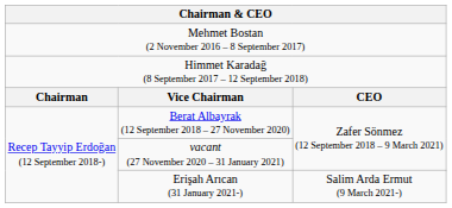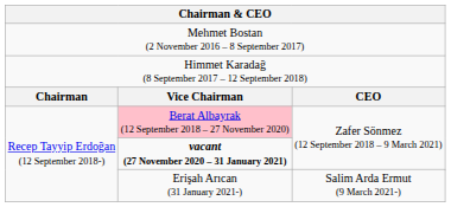 <table class="wikitable" style="text-align:center;">
 <tr>
 <th colspan="3">Chairman & CEO</th>
 </tr>
 <tr>
 <td colspan="3">Mehmet Bostan<br><small>(2 November 2016 – 8 September 2017)</small></td>
 </tr>
 <tr>
 <td colspan="3">Himmet Karadağ<br><small>(8 September 2017 – 12 September 2018)</small></td>
 </tr>
 <tr>
 <th>Chairman</th>
 <th>Vice Chairman</th>
 <th>CEO</th>
 </tr>
 <tr>
 <td rowspan="4"><a href='#'>Recep Tayyip Erdoğan</a><br><small>(12 September 2018-)</small></td>
-<td><a href='#'>Berat Albayrak</a><br><small>(12 September 2018 – 27 November 2020)</small></td>
+<td style="background: pink;"><a href='#'>Berat Albayrak</a><br><small>(12 September 2018 – 27 November 2020)</small></td>
 <td rowspan="3">Zafer Sönmez<br><small>(12 September 2018 – 9 March 2021)</small></td>
 </tr>
 <tr>
-<td><em>vacant</em><br><small>(27 November 2020 – 31 January 2021)</small></td>
+<td><strong><em>vacant</em><br><small>(27 November 2020 – 31 January 2021)</small></strong></td>
 </tr>
 <tr>
 <td rowspan="2">Erişah Arıcan <br><small>(31 January 2021-)</small></td>
 </tr>
 <tr>
 <td>Salim Arda Ermut<br><small>(9 March 2021-)</small></td>
 </tr>
 </table>
